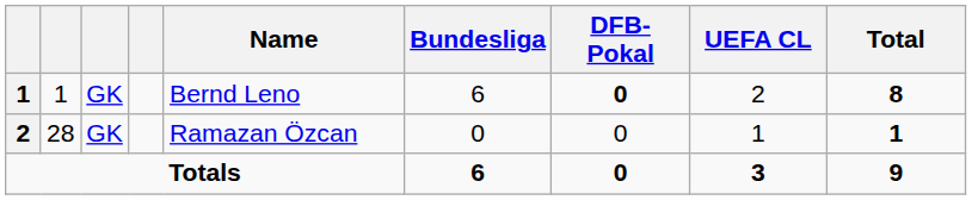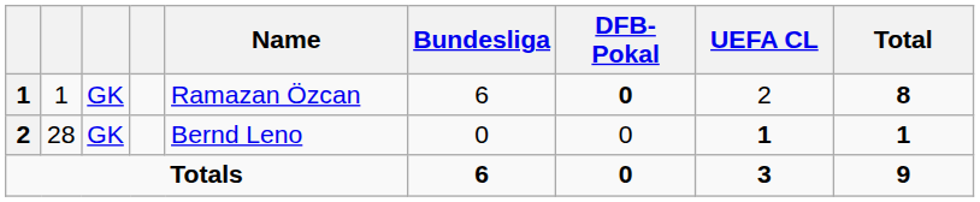 <table class="wikitable" style="text-align:center">
 <tr>
 <th width=15></th>
 <th width=15></th>
 <th width=15></th>
 <th width=15></th>
 <th width=145>Name</th>
 <th width=80><a href='#'>Bundesliga</a></th>
 <th width=80><a href='#'>DFB-Pokal</a></th>
 <th width=80><a href='#'>UEFA CL</a></th>
 <th width=80>Total</th>
 </tr>
 <tr>
 <th>1</th>
 <td>1</td>
 <td><a href='#'>GK</a></td>
 <td></td>
-<td align=left><a href='#'>Bernd Leno</a></td>
+<td align=left><a href='#'>Ramazan Özcan</a></td>
 <td>6</td>
 <td><strong>0</strong></td>
 <td>2</td>
 <td><strong>8</strong></td>
 </tr>
 <tr>
 <th>2</th>
 <td>28</td>
 <td><a href='#'>GK</a></td>
 <td></td>
-<td align=left><a href='#'>Ramazan Özcan</a></td>
+<td align=left><a href='#'>Bernd Leno</a></td>
 <td>0</td>
 <td>0</td>
-<td>1</td>
+<td><strong>1</strong></td>
 <td><strong>1</strong></td>
 </tr>
 <tr>
 <td colspan=5><strong>Totals</strong></td>
 <td><strong>6</strong></td>
 <td><strong>0</strong></td>
 <td><strong>3</strong></td>
 <td><strong>9</strong></td>
 </tr>
 </table>
